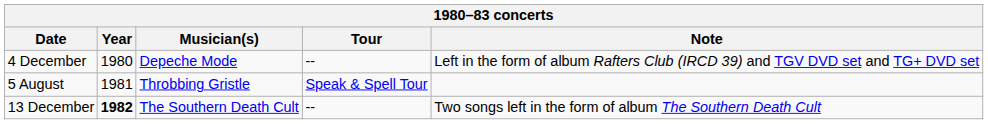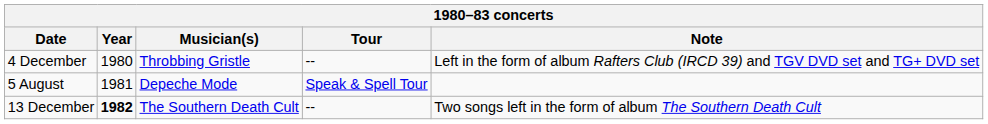 <table class="wikitable collapsible collapsed">
 <tr>
 <th colspan=5>1980–83 concerts</th>
 </tr>
 <tr>
 <th>Date</th>
 <th>Year</th>
 <th>Musician(s)</th>
 <th>Tour</th>
 <th>Note</th>
 </tr>
 <tr>
 <td>4 December</td>
 <td>1980</td>
-<td><a href='#'>Depeche Mode</a></td>
+<td><a href='#'>Throbbing Gristle</a></td>
 <td>--</td>
 <td>Left in the form of album <em>Rafters Club (IRCD 39)</em> and <a href='#'>TGV DVD set</a> and <a href='#'>TG+ DVD set</a></td>
 </tr>
 <tr>
 <td>5 August</td>
 <td>1981</td>
-<td><a href='#'>Throbbing Gristle</a></td>
+<td><a href='#'>Depeche Mode</a></td>
 <td><a href='#'>Speak & Spell Tour</a></td>
 </tr>
 <tr>
 <td>13 December</td>
 <td><strong>1982</strong></td>
 <td><a href='#'>The Southern Death Cult</a></td>
 <td>--</td>
 <td>Two songs left in the form of album <em><a href='#'>The Southern Death Cult</a></em></td>
 </tr>
 </table>
